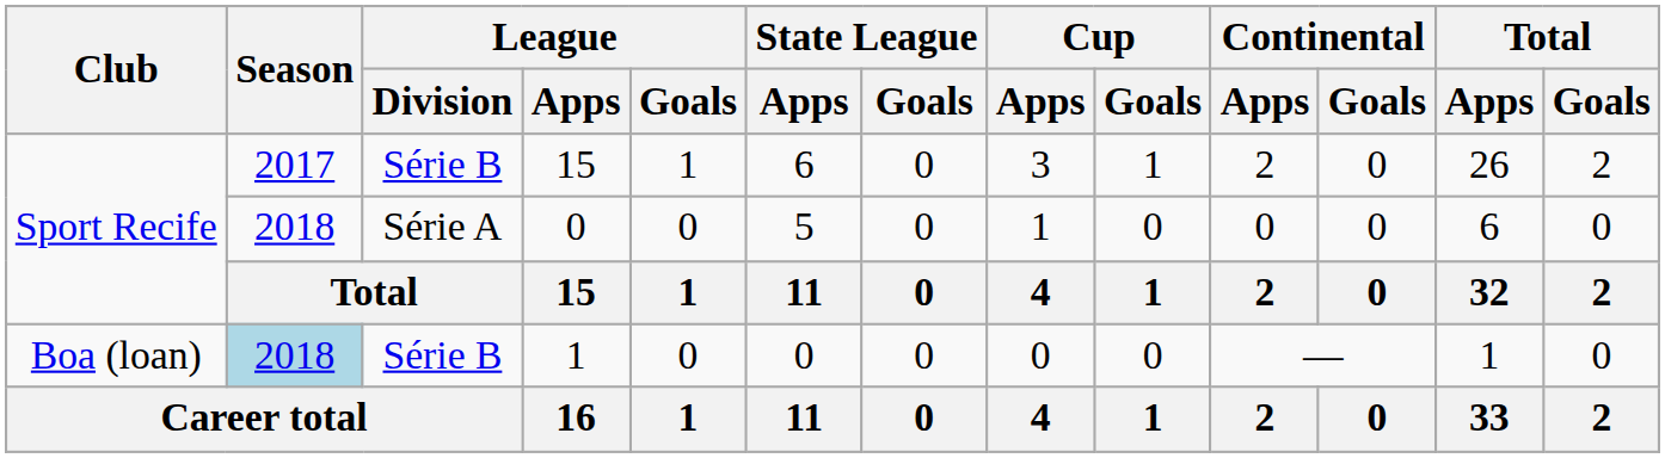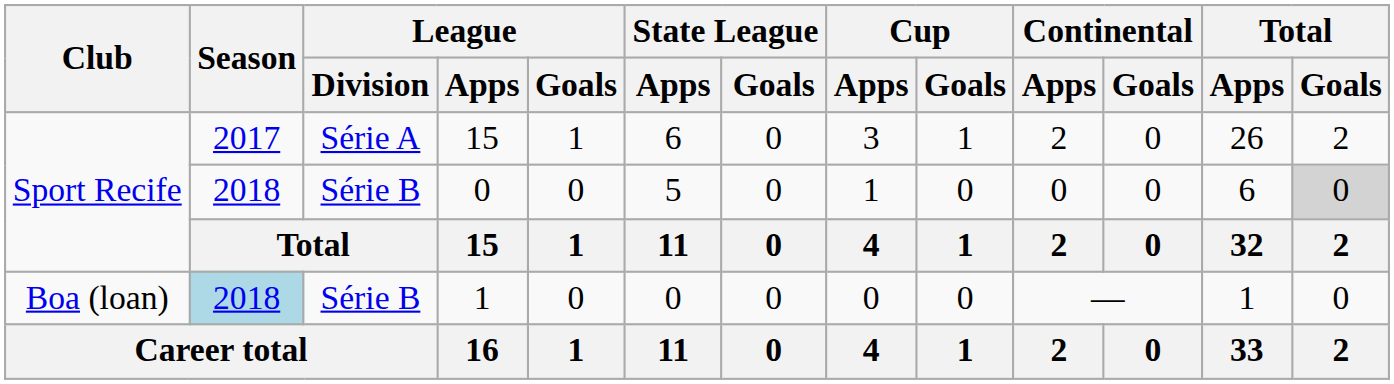 <table class="wikitable" style="text-align: center;">
 <tr>
 <th rowspan="2">Club</th>
 <th rowspan="2">Season</th>
 <th colspan="3">League</th>
 <th colspan="2">State League</th>
 <th colspan="2">Cup</th>
 <th colspan="2">Continental</th>
 <th colspan="2">Total</th>
 </tr>
 <tr>
 <th>Division</th>
 <th>Apps</th>
 <th>Goals</th>
 <th>Apps</th>
 <th>Goals</th>
 <th>Apps</th>
 <th>Goals</th>
 <th>Apps</th>
 <th>Goals</th>
 <th>Apps</th>
 <th>Goals</th>
 </tr>
 <tr>
 <td rowspan="3"><a href='#'>Sport Recife</a></td>
 <td><a href='#'>2017</a></td>
-<td><a href='#'>Série B</a></td>
+<td><a href='#'>Série A</a></td>
 <td>15</td>
 <td>1</td>
 <td>6</td>
 <td>0</td>
 <td>3</td>
 <td>1</td>
 <td>2</td>
 <td>0</td>
 <td>26</td>
 <td>2</td>
 </tr>
 <tr>
 <td><a href='#'>2018</a></td>
-<td>Série A</td>
+<td><a href='#'>Série B</a></td>
 <td>0</td>
 <td>0</td>
 <td>5</td>
 <td>0</td>
 <td>1</td>
 <td>0</td>
 <td>0</td>
 <td>0</td>
 <td>6</td>
-<td>0</td>
+<td style="background: lightgrey;">0</td>
 </tr>
 <tr>
 <th colspan="2">Total</th>
 <th>15</th>
 <th>1</th>
 <th>11</th>
 <th>0</th>
 <th>4</th>
 <th>1</th>
 <th>2</th>
 <th>0</th>
 <th>32</th>
 <th>2</th>
 </tr>
 <tr>
 <td><a href='#'>Boa</a> (loan)</td>
 <td style="background: lightblue;"><a href='#'>2018</a></td>
 <td><a href='#'>Série B</a></td>
 <td>1</td>
 <td>0</td>
 <td>0</td>
 <td>0</td>
 <td>0</td>
 <td>0</td>
 <td colspan="2">—</td>
 <td>1</td>
 <td>0</td>
 </tr>
 <tr>
 <th colspan="3">Career total</th>
 <th>16</th>
 <th>1</th>
 <th>11</th>
 <th>0</th>
 <th>4</th>
 <th>1</th>
 <th>2</th>
 <th>0</th>
 <th>33</th>
 <th>2</th>
 </tr>
 </table>
